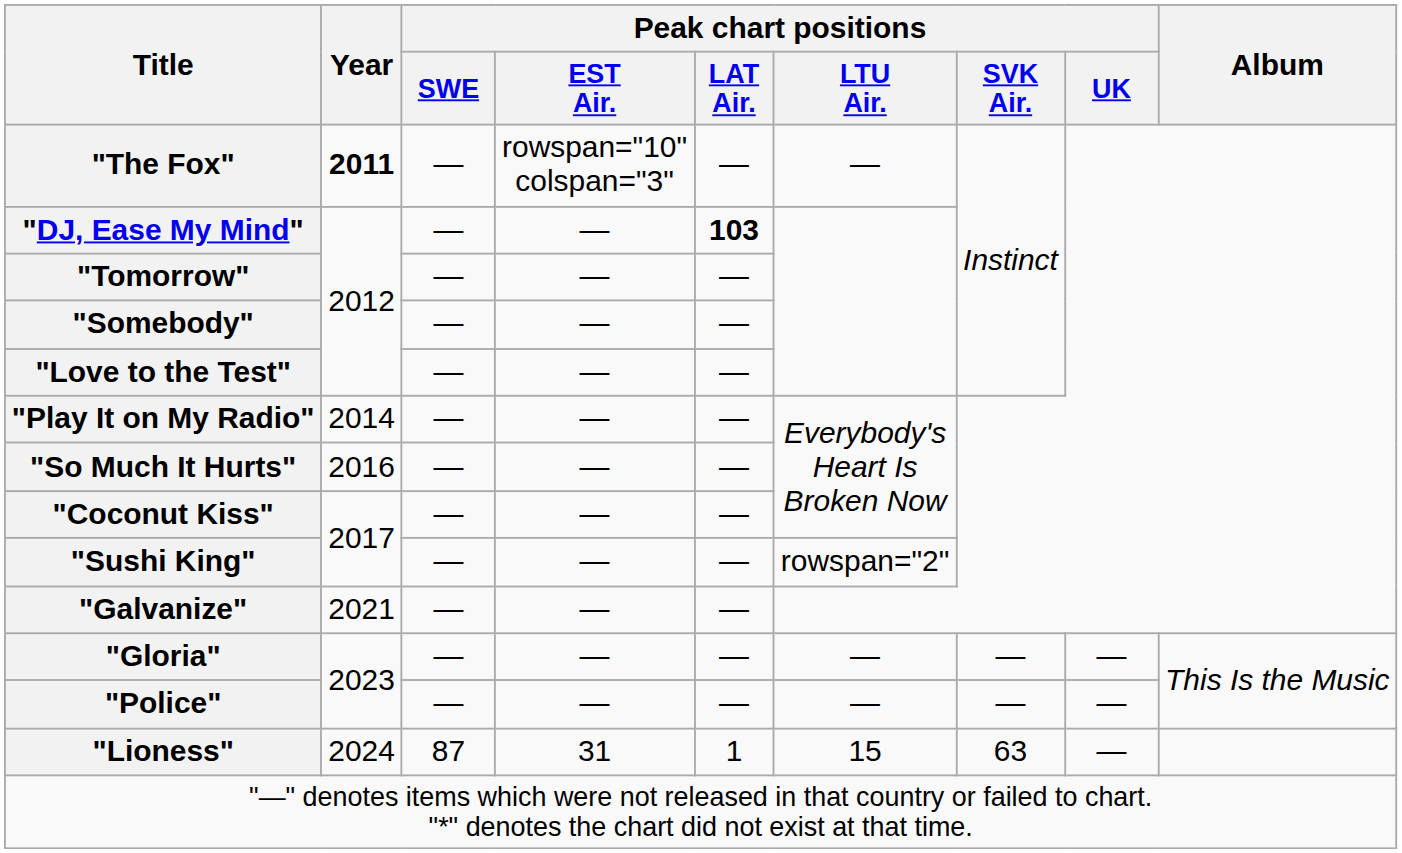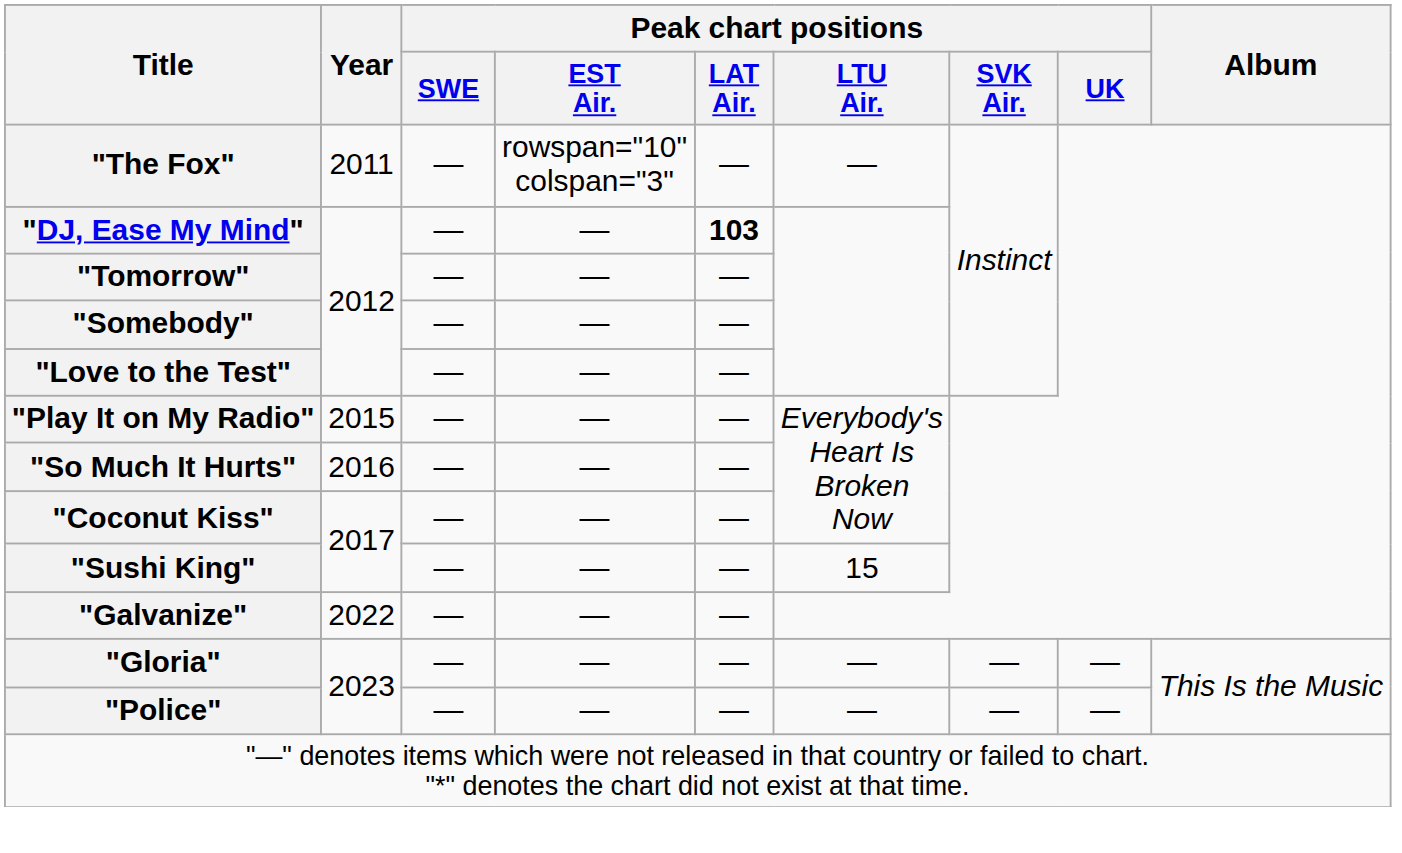 <table class="wikitable plainrowheaders" style="text-align:center;">
 <tr>
 <th scope="col" rowspan="2">Title</th>
 <th scope="col" rowspan="2">Year</th>
 <th colspan="6" scope="col">Peak chart positions</th>
 <th scope="col" rowspan="2">Album</th>
 </tr>
 <tr>
 <th scope="col" style="width:3em;font-size:90%;"><a href='#'>SWE</a><br></th>
 <th scope="col" style="width:2.5em;font-size:90%;"><a href='#'>EST<br>Air.</a><br></th>
 <th scope="col" style="width:2.5em;font-size:90%;"><a href='#'>LAT<br>Air.</a><br></th>
 <th scope="col" style="width:2.5em;font-size:90%;"><a href='#'>LTU<br>Air.</a><br></th>
 <th scope="col" style="width:2.5em;font-size:90%;"><a href='#'>SVK<br>Air.</a><br></th>
 <th scope="col" style="width:3em;font-size:90%;"><a href='#'>UK</a><br></th>
 </tr>
 <tr>
 <th scope="row">"The Fox"</th>
-<td><strong>2011</strong></td>
+<td>2011</td>
 <td>—</td>
 <td>rowspan="10" colspan="3" </td>
 <td>—</td>
 <td>—</td>
 <td rowspan="5"><em>Instinct</em></td>
 </tr>
 <tr>
 <th scope="row">"<a href='#'>DJ, Ease My Mind</a>"</th>
 <td rowspan="4">2012</td>
 <td>—</td>
 <td>—</td>
 <td><strong>103</strong></td>
 </tr>
 <tr>
 <th scope="row">"Tomorrow"</th>
 <td>—</td>
 <td>—</td>
 <td>—</td>
 </tr>
 <tr>
 <th scope="row">"Somebody"</th>
 <td>—</td>
 <td>—</td>
 <td>—</td>
 </tr>
 <tr>
 <th scope="row">"Love to the Test"</th>
 <td>—</td>
 <td>—</td>
 <td>—</td>
 </tr>
 <tr>
 <th scope="row">"Play It on My Radio"</th>
-<td>2014</td>
+<td>2015</td>
 <td>—</td>
 <td>—</td>
 <td>—</td>
 <td rowspan="3"><em>Everybody's Heart Is Broken Now</em></td>
 </tr>
 <tr>
 <th scope="row">"So Much It Hurts"</th>
 <td>2016</td>
 <td>—</td>
 <td>—</td>
 <td>—</td>
 </tr>
 <tr>
 <th scope="row">"Coconut Kiss"</th>
 <td rowspan="2">2017</td>
 <td>—</td>
 <td>—</td>
 <td>—</td>
 </tr>
 <tr>
 <th scope="row">"Sushi King"</th>
 <td>—</td>
 <td>—</td>
 <td>—</td>
-<td>rowspan="2" </td>
+<td>15</td>
 </tr>
 <tr>
 <th scope="row">"Galvanize"</th>
-<td>2021</td>
+<td>2022</td>
 <td>—</td>
 <td>—</td>
 <td>—</td>
 </tr>
 <tr>
 <th scope="row">"Gloria"<br></th>
 <td rowspan="2">2023</td>
 <td>—</td>
 <td>—</td>
 <td>—</td>
 <td>—</td>
 <td>—</td>
 <td>—</td>
 <td rowspan="2"><em>This Is the Music</em></td>
 </tr>
 <tr>
 <th scope="row">"Police"<br></th>
 <td>—</td>
 <td>—</td>
 <td>—</td>
 <td>—</td>
 <td>—</td>
 <td>—</td>
 </tr>
 <tr>
-<th scope="row">"Lioness"<br></th>
-<td>2024</td>
-<td>87</td>
-<td>31</td>
-<td>1</td>
-<td>15</td>
-<td>63</td>
-<td>—</td>
-<td></td>
-</tr>
-<tr>
 <td colspan="9" style="font-size:90%;">"—" denotes items which were not released in that country or failed to chart.<br>"*" denotes the chart did not exist at that time.</td>
 </tr>
 </table>
